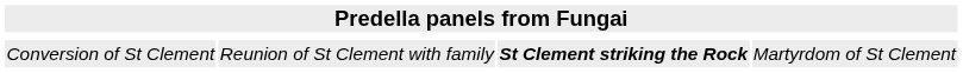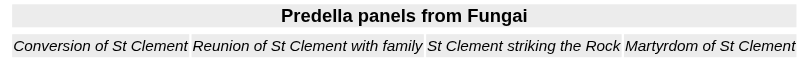 <table align=center style="text-align:center;">
 <tr>
 <th colspan="6" style="background:#ECECEC; "><strong>Predella panels from Fungai</strong></th>
 </tr>
 <tr>
 <td></td>
 <td></td>
 <td></td>
 <td></td>
 </tr>
 <tr>
 <td style="background:#ECECEC; "><small><em>Conversion of St Clement</em><br></small></td>
 <td style="background:#ECECEC; "><small><em>Reunion of St Clement with family</em><br></small></td>
-<td style="background:#ECECEC; "><strong><small><em>St Clement striking the Rock</em><br></small></strong></td>
+<td style="background:#ECECEC; "><small><em>St Clement striking the Rock</em><br></small></td>
 <td style="background:#ECECEC; "><small><em>Martyrdom of St Clement</em><br></small></td>
 </tr>
 <tr>
 </tr>
 </table>
